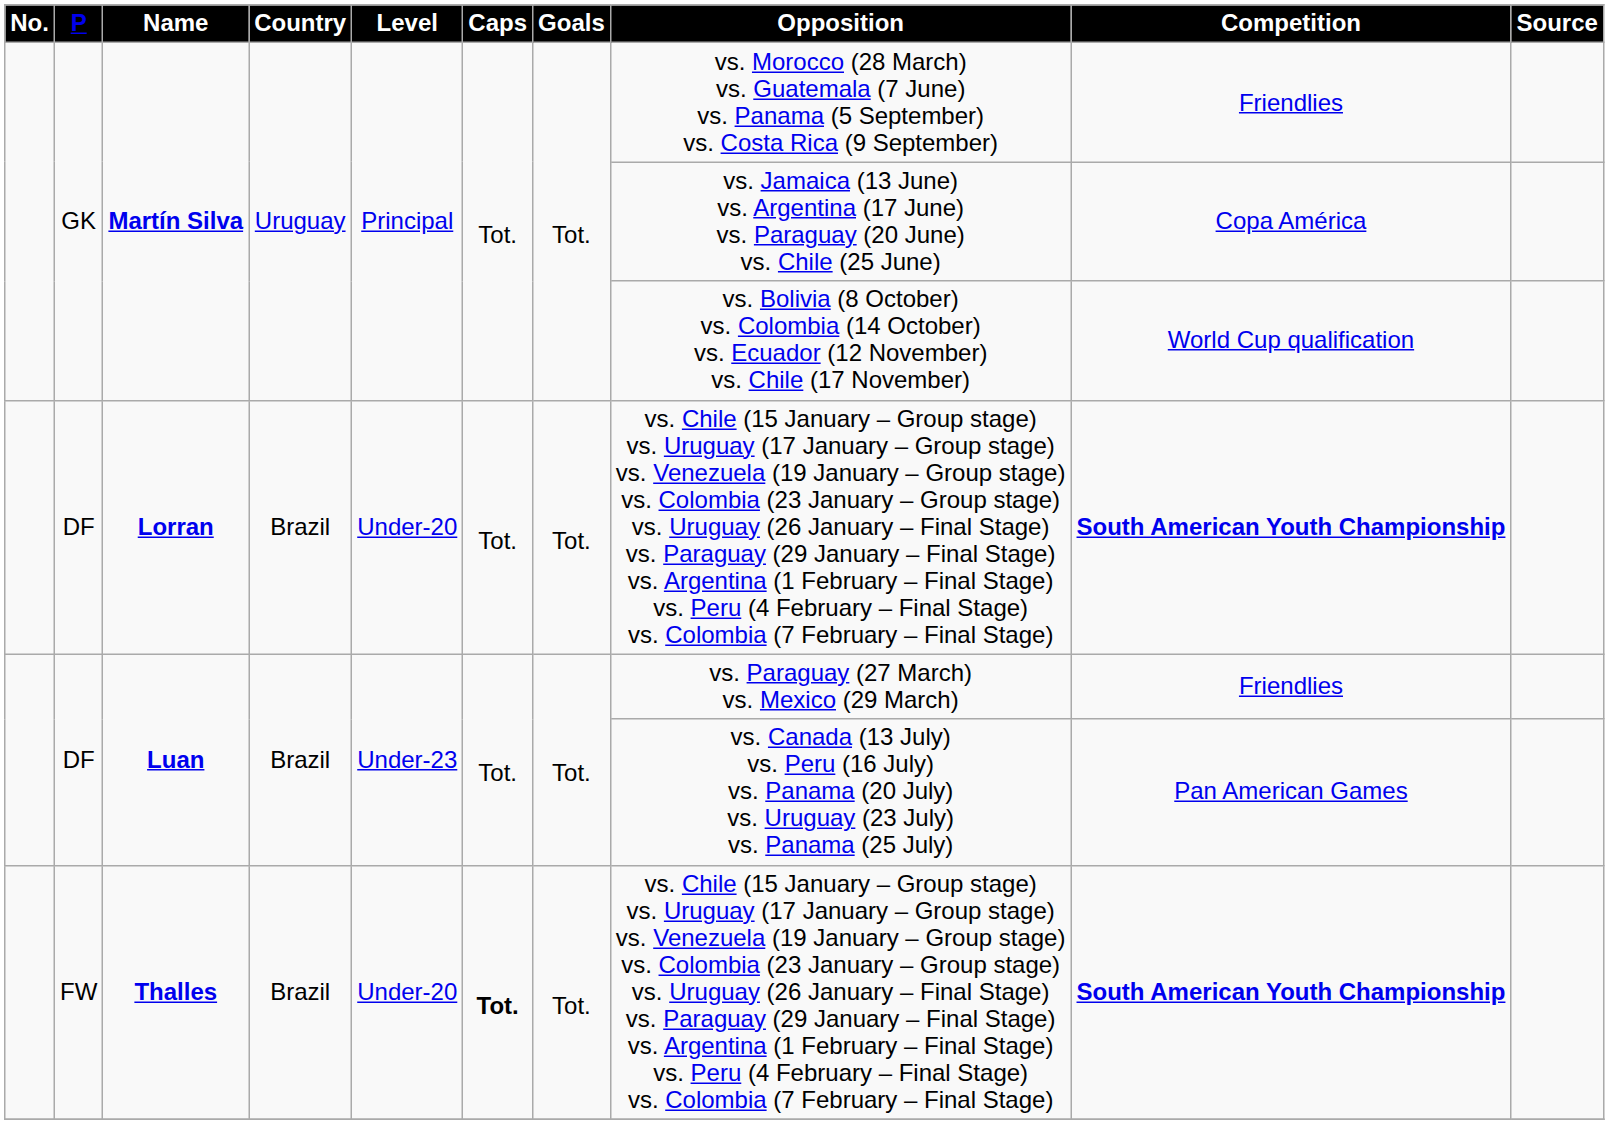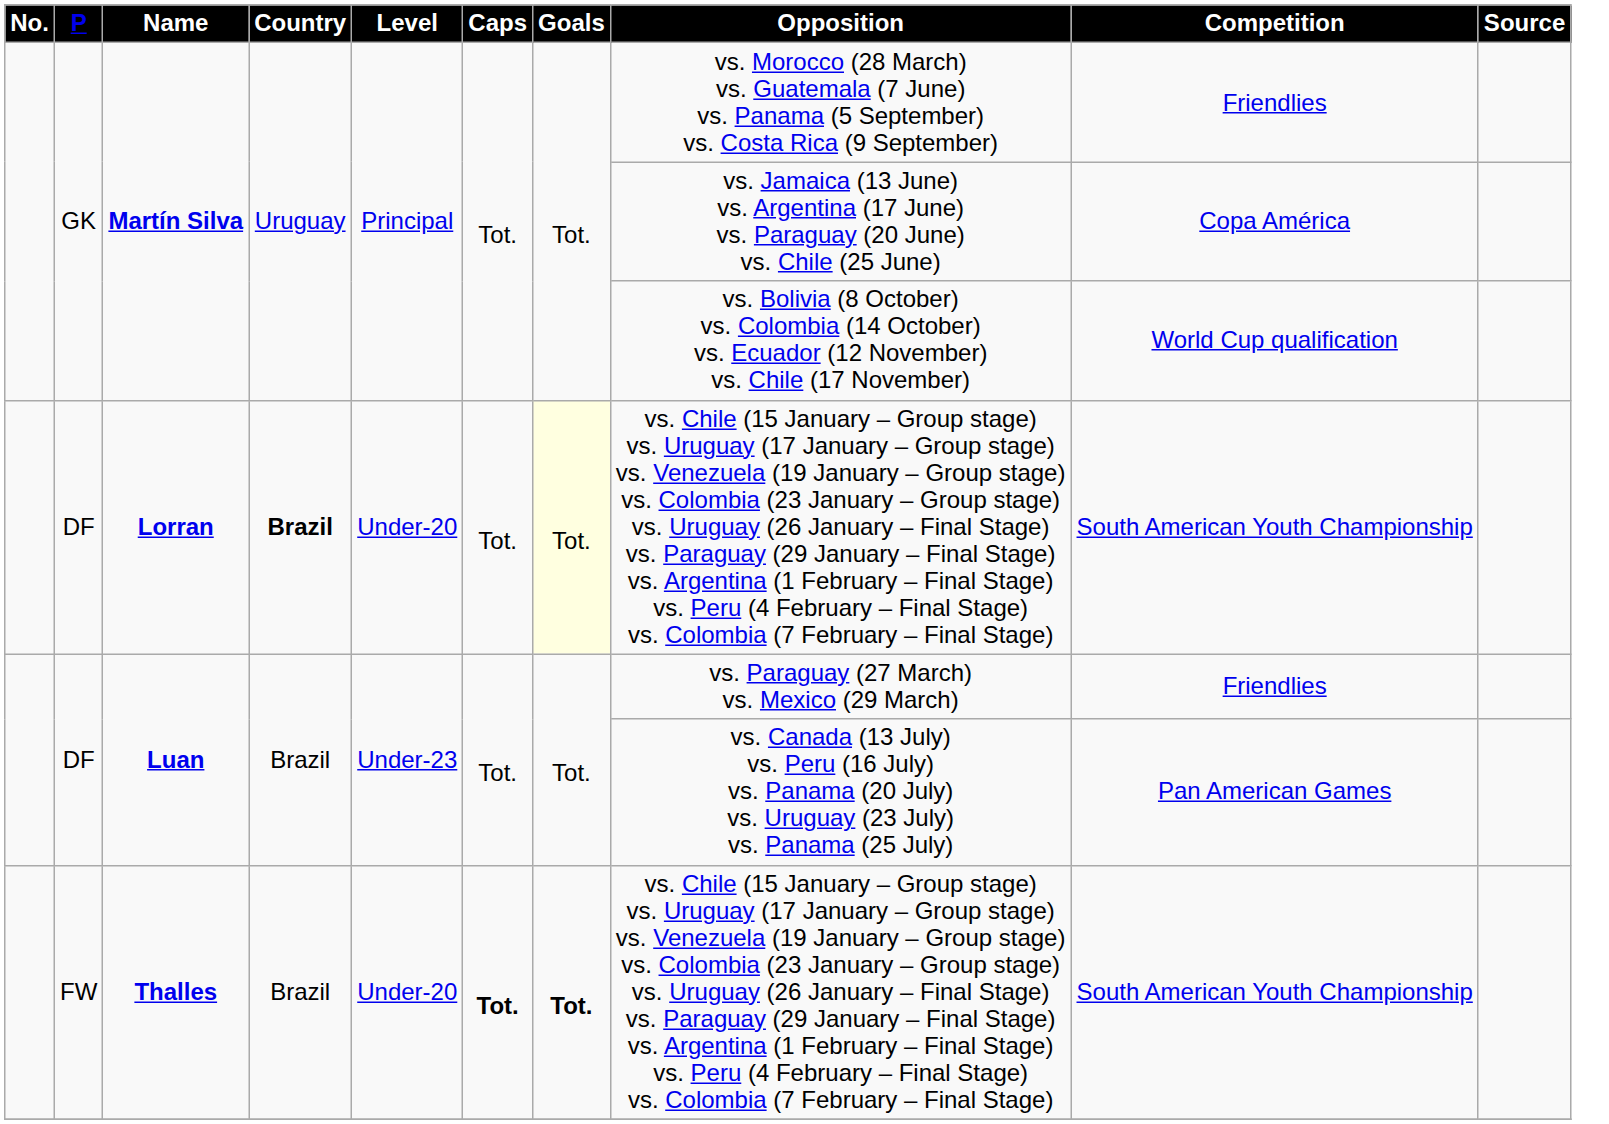 <table class="wikitable" style="text-align: center;">
 <tr>
 <th style="background:#000000; color:white; text-align:center;">No.</th>
 <th style="background:#000000; color:white; text-align:center;"><a href='#'>P</a></th>
 <th style="background:#000000; color:white; text-align:center;">Name</th>
 <th style="background:#000000; color:white; text-align:center;">Country</th>
 <th style="background:#000000; color:white; text-align:center;">Level</th>
 <th style="background:#000000; color:white; text-align:center;">Caps</th>
 <th style="background:#000000; color:white; text-align:center;">Goals</th>
 <th style="background:#000000; color:white; text-align:center;">Opposition</th>
 <th style="background:#000000; color:white; text-align:center;">Competition</th>
 <th style="background:#000000; color:white; text-align:center;">Source</th>
 </tr>
 <tr>
 <td rowspan=3> </td>
 <td rowspan=3>GK</td>
 <td rowspan=3><strong><a href='#'>Martín Silva</a></strong></td>
 <td rowspan=3> <a href='#'>Uruguay</a></td>
 <td rowspan=3><a href='#'>Principal</a></td>
 <td rowspan=3><br>Tot.</td>
 <td rowspan=3><br>Tot.</td>
 <td>vs.  <a href='#'>Morocco</a> (28 March)<br>vs.  <a href='#'>Guatemala</a> (7 June)<br>vs.  <a href='#'>Panama</a> (5 September)<br>vs.  <a href='#'>Costa Rica</a> (9 September)</td>
 <td><a href='#'>Friendlies</a></td>
 <td></td>
 </tr>
 <tr>
 <td>vs.  <a href='#'>Jamaica</a> (13 June)<br>vs.  <a href='#'>Argentina</a> (17 June)<br>vs.  <a href='#'>Paraguay</a> (20 June)<br>vs.  <a href='#'>Chile</a> (25 June)</td>
 <td><a href='#'>Copa América</a></td>
 <td></td>
 </tr>
 <tr>
 <td>vs.  <a href='#'>Bolivia</a> (8 October)<br>vs.  <a href='#'>Colombia</a> (14 October)<br>vs.  <a href='#'>Ecuador</a> (12 November)<br>vs.  <a href='#'>Chile</a> (17 November)</td>
 <td><a href='#'>World Cup qualification</a></td>
 <td></td>
 </tr>
 <tr>
 <td></td>
 <td>DF</td>
 <td><strong><a href='#'>Lorran</a></strong></td>
-<td> Brazil</td>
+<td><strong> Brazil</strong></td>
 <td><a href='#'>Under-20</a></td>
 <td><br>Tot.</td>
-<td><br>Tot.</td>
+<td style="background: lightyellow;"><br>Tot.</td>
 <td>vs.  <a href='#'>Chile</a> (15 January – Group stage)<br>vs.  <a href='#'>Uruguay</a> (17 January – Group stage)<br>vs.  <a href='#'>Venezuela</a> (19 January – Group stage)<br>vs.  <a href='#'>Colombia</a> (23 January – Group stage)<br>vs.  <a href='#'>Uruguay</a> (26 January – Final Stage)<br>vs.  <a href='#'>Paraguay</a> (29 January – Final Stage)<br>vs.  <a href='#'>Argentina</a> (1 February – Final Stage)<br>vs.  <a href='#'>Peru</a> (4 February – Final Stage)<br>vs.  <a href='#'>Colombia</a> (7 February – Final Stage)</td>
-<td><strong><a href='#'>South American Youth Championship</a></strong></td>
+<td><a href='#'>South American Youth Championship</a></td>
 <td></td>
 </tr>
 <tr>
 <td rowspan=2> </td>
 <td rowspan=2>DF</td>
 <td rowspan=2><strong><a href='#'>Luan</a></strong></td>
 <td rowspan=2> Brazil</td>
 <td rowspan=2><a href='#'>Under-23</a></td>
 <td rowspan=2><br>Tot.</td>
 <td rowspan=2><br>Tot.</td>
 <td>vs.  <a href='#'>Paraguay</a> (27 March)<br>vs.  <a href='#'>Mexico</a> (29 March)</td>
 <td><a href='#'>Friendlies</a></td>
 <td></td>
 </tr>
 <tr>
 <td>vs.  <a href='#'>Canada</a> (13 July)<br>vs.  <a href='#'>Peru</a> (16 July)<br>vs.  <a href='#'>Panama</a> (20 July)<br>vs.  <a href='#'>Uruguay</a> (23 July)<br>vs.  <a href='#'>Panama</a> (25 July)</td>
 <td><a href='#'>Pan American Games</a></td>
 <td></td>
 </tr>
 <tr>
 <td></td>
 <td>FW</td>
 <td><strong><a href='#'>Thalles</a></strong></td>
 <td> Brazil</td>
 <td><a href='#'>Under-20</a></td>
 <td><strong><br>Tot.</strong></td>
-<td><br>Tot.</td>
+<td><strong><br>Tot.</strong></td>
 <td>vs.  <a href='#'>Chile</a> (15 January – Group stage)<br>vs.  <a href='#'>Uruguay</a> (17 January – Group stage)<br>vs.  <a href='#'>Venezuela</a> (19 January – Group stage)<br>vs.  <a href='#'>Colombia</a> (23 January – Group stage)<br>vs.  <a href='#'>Uruguay</a> (26 January – Final Stage)<br>vs.  <a href='#'>Paraguay</a> (29 January – Final Stage)<br>vs.  <a href='#'>Argentina</a> (1 February – Final Stage)<br>vs.  <a href='#'>Peru</a> (4 February – Final Stage)<br>vs.  <a href='#'>Colombia</a> (7 February – Final Stage)</td>
-<td><strong><a href='#'>South American Youth Championship</a></strong></td>
+<td><a href='#'>South American Youth Championship</a></td>
 <td></td>
 </tr>
 <tr>
 </tr>
 </table>
